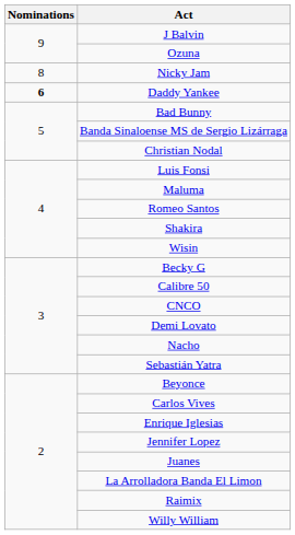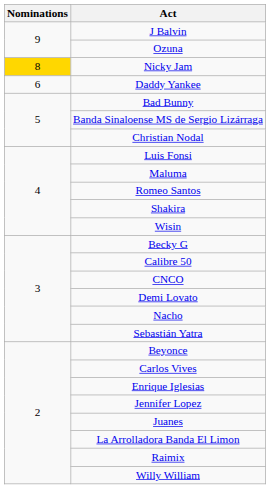 <table class="wikitable" rowspan="2" style="text-align:center;">
 <tr>
 <th scope="col">Nominations</th>
 <th scope="col">Act</th>
 </tr>
 <tr>
 <td rowspan="2">9</td>
 <td><a href='#'>J Balvin</a></td>
 </tr>
 <tr>
 <td><a href='#'>Ozuna</a></td>
 </tr>
 <tr>
-<td>8</td>
+<td style="background: gold;">8</td>
 <td><a href='#'>Nicky Jam</a></td>
 </tr>
 <tr>
-<td><strong>6</strong></td>
+<td>6</td>
 <td><a href='#'>Daddy Yankee</a></td>
 </tr>
 <tr>
 <td rowspan="3">5</td>
 <td><a href='#'>Bad Bunny</a></td>
 </tr>
 <tr>
 <td><a href='#'>Banda Sinaloense MS de Sergio Lizárraga</a></td>
 </tr>
 <tr>
 <td><a href='#'>Christian Nodal</a></td>
 </tr>
 <tr>
 <td rowspan="5">4</td>
 <td><a href='#'>Luis Fonsi</a></td>
 </tr>
 <tr>
 <td><a href='#'>Maluma</a></td>
 </tr>
 <tr>
 <td><a href='#'>Romeo Santos</a></td>
 </tr>
 <tr>
 <td><a href='#'>Shakira</a></td>
 </tr>
 <tr>
 <td><a href='#'>Wisin</a></td>
 </tr>
 <tr>
 <td rowspan="6">3</td>
 <td><a href='#'>Becky G</a></td>
 </tr>
 <tr>
 <td><a href='#'>Calibre 50</a></td>
 </tr>
 <tr>
 <td><a href='#'>CNCO</a></td>
 </tr>
 <tr>
 <td><a href='#'>Demi Lovato</a></td>
 </tr>
 <tr>
 <td><a href='#'>Nacho</a></td>
 </tr>
 <tr>
 <td><a href='#'>Sebastián Yatra</a></td>
 </tr>
 <tr>
 <td rowspan="8">2</td>
 <td><a href='#'>Beyonce</a></td>
 </tr>
 <tr>
 <td><a href='#'>Carlos Vives</a></td>
 </tr>
 <tr>
 <td><a href='#'>Enrique Iglesias</a></td>
 </tr>
 <tr>
 <td><a href='#'>Jennifer Lopez</a></td>
 </tr>
 <tr>
 <td><a href='#'>Juanes</a></td>
 </tr>
 <tr>
 <td><a href='#'>La Arrolladora Banda El Limon</a></td>
 </tr>
 <tr>
 <td><a href='#'>Raimix</a></td>
 </tr>
 <tr>
 <td><a href='#'>Willy William</a></td>
 </tr>
 </table>
